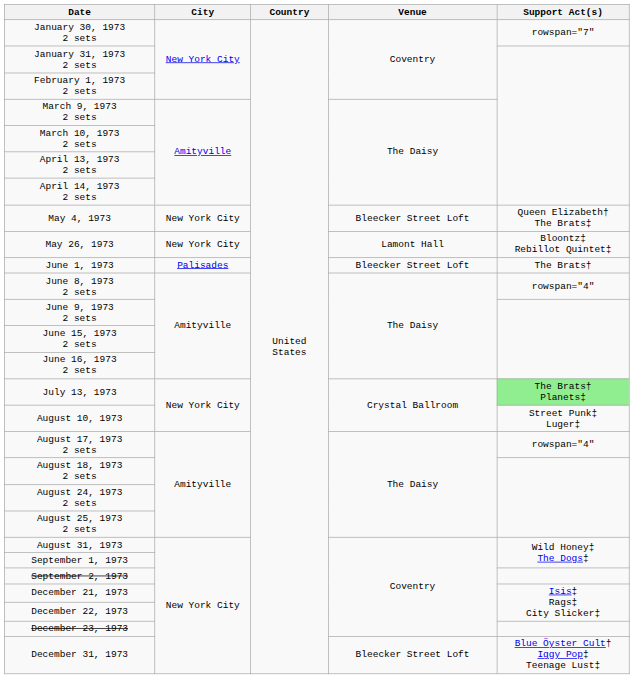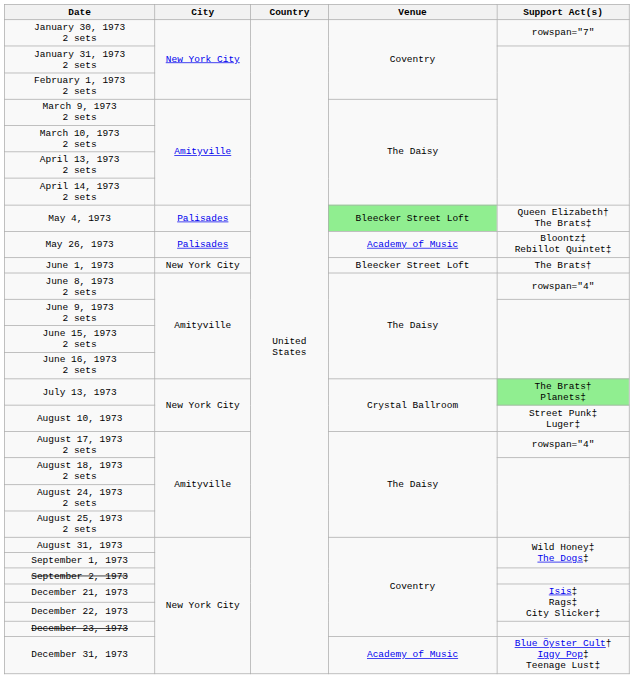 <table class="wikitable" style="text-align:center;">
 <tr>
 <th width="200">Date</th>
 <th width="125">City</th>
 <th width="100">Country</th>
 <th width="225">Venue</th>
 <th width="175">Support Act(s)</th>
 </tr>
 <tr>
 <td>January 30, 1973<br>2 sets</td>
 <td rowspan="3"><a href='#'>New York City</a></td>
 <td rowspan="28">United States</td>
 <td rowspan="3">Coventry</td>
 <td>rowspan="7" </td>
 </tr>
 <tr>
 <td>January 31, 1973<br>2 sets</td>
 </tr>
 <tr>
 <td>February 1, 1973<br>2 sets</td>
 </tr>
 <tr>
 <td>March 9, 1973<br>2 sets</td>
 <td rowspan="4"><a href='#'>Amityville</a></td>
 <td rowspan="4">The Daisy</td>
 </tr>
 <tr>
 <td>March 10, 1973<br>2 sets</td>
 </tr>
 <tr>
 <td>April 13, 1973<br>2 sets</td>
 </tr>
 <tr>
 <td>April 14, 1973<br>2 sets</td>
 </tr>
 <tr>
 <td>May 4, 1973</td>
-<td>New York City</td>
-<td>Bleecker Street Loft</td>
+<td><a href='#'>Palisades</a></td>
+<td style="background: lightgreen;">Bleecker Street Loft</td>
 <td>Queen Elizabeth†<br>The Brats‡</td>
 </tr>
 <tr>
 <td>May 26, 1973</td>
-<td>New York City</td>
-<td>Lamont Hall</td>
+<td><a href='#'>Palisades</a></td>
+<td><a href='#'>Academy of Music</a></td>
 <td>Bloontz‡<br>Rebillot Quintet‡</td>
 </tr>
 <tr>
 <td>June 1, 1973</td>
-<td><a href='#'>Palisades</a></td>
+<td>New York City</td>
 <td>Bleecker Street Loft</td>
 <td>The Brats†</td>
 </tr>
 <tr>
 <td>June 8, 1973<br>2 sets</td>
 <td rowspan="4">Amityville</td>
 <td rowspan="4">The Daisy</td>
 <td>rowspan="4" </td>
 </tr>
 <tr>
 <td>June 9, 1973<br>2 sets</td>
 </tr>
 <tr>
 <td>June 15, 1973<br>2 sets</td>
 </tr>
 <tr>
 <td>June 16, 1973<br>2 sets</td>
 </tr>
 <tr>
 <td>July 13, 1973</td>
 <td rowspan="2">New York City</td>
 <td rowspan="2">Crystal Ballroom</td>
 <td style="background: lightgreen;">The Brats†<br>Planets‡</td>
 </tr>
 <tr>
 <td>August 10, 1973</td>
 <td>Street Punk‡<br>Luger‡</td>
 </tr>
 <tr>
 <td>August 17, 1973<br>2 sets</td>
 <td rowspan="4">Amityville</td>
 <td rowspan="4">The Daisy</td>
 <td>rowspan="4" </td>
 </tr>
 <tr>
 <td>August 18, 1973<br>2 sets</td>
 </tr>
 <tr>
 <td>August 24, 1973<br>2 sets</td>
 </tr>
 <tr>
 <td>August 25, 1973<br>2 sets</td>
 </tr>
 <tr>
 <td>August 31, 1973</td>
 <td rowspan="19">New York City</td>
 <td rowspan="6">Coventry</td>
 <td rowspan="2">Wild Honey‡<br><a href='#'>The Dogs</a>‡</td>
 </tr>
 <tr>
 <td>September 1, 1973</td>
 </tr>
 <tr>
 <td><s>September 2, 1973</s></td>
 <td></td>
 </tr>
 <tr>
 <td>December 21, 1973</td>
 <td rowspan="2"><a href='#'>Isis</a>‡<br>Rags‡<br>City Slicker‡</td>
 </tr>
 <tr>
 <td>December 22, 1973</td>
 </tr>
 <tr>
 <td><s>December 23, 1973</s></td>
 <td></td>
 </tr>
 <tr>
 <td>December 31, 1973</td>
-<td>Bleecker Street Loft</td>
+<td><a href='#'>Academy of Music</a></td>
 <td><a href='#'>Blue Öyster Cult</a>†<br><a href='#'>Iggy Pop</a>‡<br>Teenage Lust‡</td>
 </tr>
 </table>
